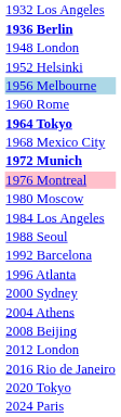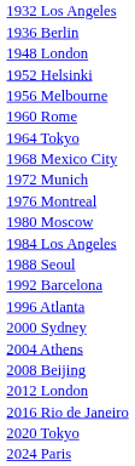 <table>
 <tr>
 <td><a href='#'>1932 Los Angeles</a><br></td>
 <td></td>
 <td></td>
 <td></td>
 </tr>
 <tr>
-<td><strong><a href='#'>1936 Berlin</a><br></strong></td>
+<td><a href='#'>1936 Berlin</a><br></td>
 <td></td>
 <td></td>
 <td></td>
 </tr>
 <tr>
 <td><a href='#'>1948 London</a><br></td>
 <td></td>
 <td></td>
 <td></td>
 </tr>
 <tr>
 <td><a href='#'>1952 Helsinki</a><br></td>
 <td></td>
 <td></td>
 <td></td>
 </tr>
 <tr>
-<td style="background: lightblue;"><a href='#'>1956 Melbourne</a><br></td>
+<td><a href='#'>1956 Melbourne</a><br></td>
 <td></td>
 <td></td>
 <td></td>
 </tr>
 <tr>
 <td><a href='#'>1960 Rome</a><br></td>
 <td></td>
 <td></td>
 <td></td>
 </tr>
 <tr>
-<td><strong><a href='#'>1964 Tokyo</a><br></strong></td>
+<td><a href='#'>1964 Tokyo</a><br></td>
 <td></td>
 <td></td>
 <td></td>
 </tr>
 <tr>
 <td><a href='#'>1968 Mexico City</a><br></td>
 <td></td>
 <td></td>
 <td></td>
 </tr>
 <tr>
-<td><strong><a href='#'>1972 Munich</a><br></strong></td>
+<td><a href='#'>1972 Munich</a><br></td>
 <td></td>
 <td></td>
 <td></td>
 </tr>
 <tr>
-<td style="background: pink;"><a href='#'>1976 Montreal</a><br></td>
+<td><a href='#'>1976 Montreal</a><br></td>
 <td></td>
 <td></td>
 <td></td>
 </tr>
 <tr>
 <td><a href='#'>1980 Moscow</a><br></td>
 <td></td>
 <td></td>
 <td></td>
 </tr>
 <tr>
 <td><a href='#'>1984 Los Angeles</a><br></td>
 <td></td>
 <td></td>
 <td></td>
 </tr>
 <tr>
 <td><a href='#'>1988 Seoul</a><br></td>
 <td></td>
 <td></td>
 <td></td>
 </tr>
 <tr>
 <td><a href='#'>1992 Barcelona</a><br></td>
 <td></td>
 <td></td>
 <td></td>
 </tr>
 <tr>
 <td><a href='#'>1996 Atlanta</a><br></td>
 <td></td>
 <td></td>
 <td></td>
 </tr>
 <tr>
 <td><a href='#'>2000 Sydney</a><br></td>
 <td></td>
 <td></td>
 <td></td>
 </tr>
 <tr>
 <td><a href='#'>2004 Athens</a><br></td>
 <td></td>
 <td></td>
 <td></td>
 </tr>
 <tr>
 <td rowspan=2><a href='#'>2008 Beijing</a><br></td>
 <td rowspan=2></td>
 <td rowspan=2></td>
 <td></td>
 </tr>
 <tr>
 <td></td>
 </tr>
 <tr>
 <td rowspan=2><a href='#'>2012 London</a><br></td>
 <td rowspan=2></td>
 <td rowspan=2></td>
 <td></td>
 </tr>
 <tr>
 <td></td>
 </tr>
 <tr>
 <td rowspan=2><a href='#'>2016 Rio de Janeiro</a><br></td>
 <td rowspan=2></td>
 <td rowspan=2></td>
 <td></td>
 </tr>
 <tr>
 <td></td>
 </tr>
 <tr>
 <td rowspan=2><a href='#'>2020 Tokyo</a><br></td>
 <td rowspan=2></td>
 <td rowspan=2></td>
 <td></td>
 </tr>
 <tr>
 <td></td>
 </tr>
 <tr>
 <td rowspan=2><a href='#'>2024 Paris</a><br></td>
 <td rowspan=2></td>
 <td rowspan=2></td>
 <td></td>
 </tr>
 <tr>
 <td></td>
 </tr>
 </table>
